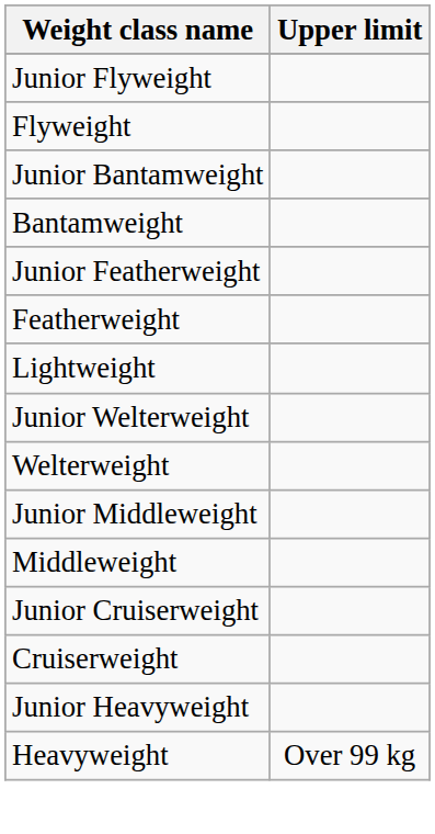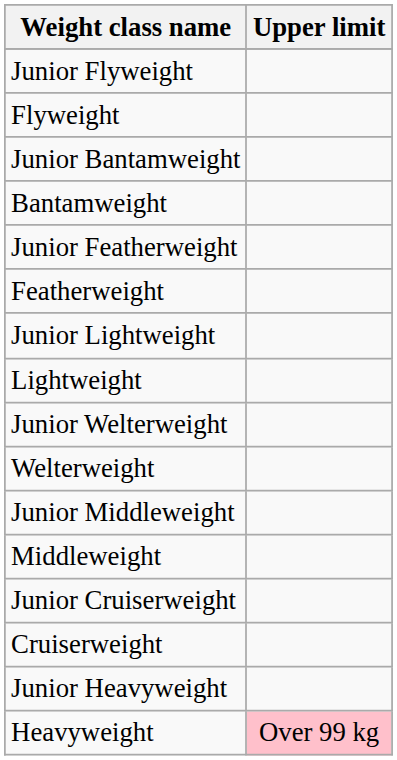 <table class="wikitable" style="font-size:95%;">
 <tr>
 <th>Weight class name</th>
 <th>Upper limit</th>
 </tr>
 <tr>
 </tr>
 <tr align="center">
 <td align="left">Junior Flyweight</td>
 <td></td>
 </tr>
 <tr align="center">
 <td align="left">Flyweight</td>
 <td></td>
 </tr>
 <tr align="center">
 <td align="left">Junior Bantamweight</td>
 <td></td>
 </tr>
 <tr align="center">
 <td align="left">Bantamweight</td>
 <td></td>
 </tr>
 <tr align="center">
 <td align="left">Junior Featherweight</td>
 <td></td>
 </tr>
 <tr align="center">
 <td align="left">Featherweight</td>
+<td></td>
+</tr>
+<tr align="center">
+<td align="left">Junior Lightweight</td>
 <td></td>
 </tr>
 <tr align="center">
 <td align="left">Lightweight</td>
 <td></td>
 </tr>
 <tr align="center">
 <td align="left">Junior Welterweight</td>
 <td></td>
 </tr>
 <tr align="center">
 <td align="left">Welterweight</td>
 <td></td>
 </tr>
 <tr align="center">
 <td align="left">Junior Middleweight</td>
 <td></td>
 </tr>
 <tr align="center">
 <td align="left">Middleweight</td>
 <td></td>
 </tr>
 <tr align="center">
 <td align="left">Junior Cruiserweight</td>
 <td></td>
 </tr>
 <tr align="center">
 <td align="left">Cruiserweight</td>
 <td></td>
 </tr>
 <tr align="center">
 <td align="left">Junior Heavyweight</td>
 <td></td>
 </tr>
 <tr align="center">
 <td align="left">Heavyweight</td>
-<td>Over 99 kg</td>
+<td style="background: pink;">Over 99 kg</td>
 </tr>
 </table>
